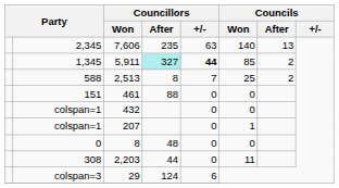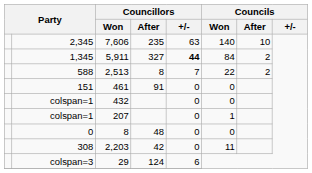 <table id="results" class="wikitable" style="text-align:right; font-size:95%;">
 <tr>
 <th colspan="2" rowspan="2" style="width:140px;">Party</th>
 <th colspan="3">Councillors</th>
 <th colspan="3">Councils</th>
 </tr>
 <tr>
 <th style="width:50px;">Won</th>
 <th style="width:50px;">After</th>
 <th style="width:50px;">+/-</th>
 <th style="width:50px;">Won</th>
 <th style="width:50px;">After</th>
 <th style="width:50px;">+/-</th>
 </tr>
 <tr>
 <td></td>
 <td>2,345</td>
 <td>7,606</td>
 <td>235</td>
 <td>63</td>
 <td>140</td>
-<td>13</td>
+<td>10</td>
 </tr>
 <tr>
 <td></td>
 <td>1,345</td>
 <td>5,911</td>
-<td style="background: paleturquoise;">327</td>
+<td>327</td>
 <td><strong>44</strong></td>
-<td>85</td>
+<td>84</td>
 <td>2</td>
 </tr>
 <tr>
 <td></td>
 <td>588</td>
 <td>2,513</td>
 <td>8</td>
 <td>7</td>
-<td>25</td>
+<td>22</td>
 <td>2</td>
 </tr>
 <tr>
 <td></td>
 <td>151</td>
 <td>461</td>
-<td>88</td>
+<td>91</td>
 <td>0</td>
 <td>0</td>
 <td></td>
 </tr>
 <tr>
 <td></td>
 <td>colspan=1 </td>
 <td>432</td>
 <td></td>
 <td>0</td>
 <td>0</td>
 <td></td>
 </tr>
 <tr>
 <td></td>
 <td>colspan=1 </td>
 <td>207</td>
 <td></td>
 <td>0</td>
 <td>1</td>
 <td></td>
 </tr>
 <tr>
 <td></td>
 <td>0</td>
 <td>8</td>
 <td>48</td>
 <td>0</td>
 <td>0</td>
 <td></td>
 </tr>
 <tr>
 <td></td>
 <td>308</td>
 <td>2,203</td>
-<td>44</td>
+<td>42</td>
 <td>0</td>
 <td>11</td>
 <td></td>
 </tr>
 <tr>
 <td></td>
 <td>colspan=3 </td>
 <td>29</td>
 <td>124</td>
 <td>6</td>
 </tr>
 <tr>
 </tr>
 </table>
